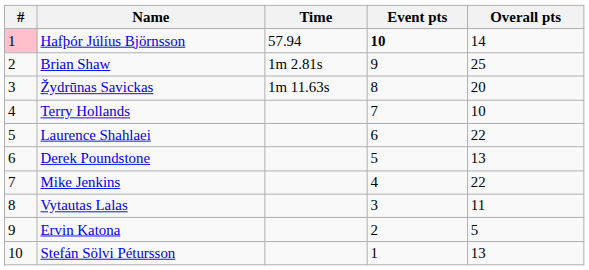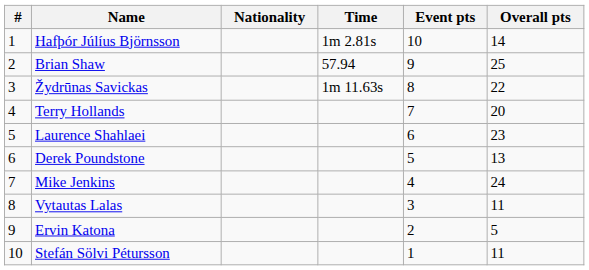 <table class="wikitable sortable" style="display: inline-table;width: 100%;">
 <tr>
 <th>#</th>
 <th>Name</th>
+<th>Nationality</th>
 <th>Time</th>
 <th>Event pts</th>
 <th>Overall pts</th>
 </tr>
 <tr>
-<td style="background: pink;">1</td>
+<td>1</td>
 <td><a href='#'>Hafþór Júlíus Björnsson</a></td>
-<td>57.94</td>
-<td><strong>10</strong></td>
+<td></td>
+<td>1m 2.81s</td>
+<td>10</td>
 <td>14</td>
 </tr>
 <tr>
 <td>2</td>
 <td><a href='#'>Brian Shaw</a></td>
-<td>1m 2.81s</td>
+<td></td>
+<td>57.94</td>
 <td>9</td>
 <td>25</td>
 </tr>
 <tr>
 <td>3</td>
 <td><a href='#'>Žydrūnas Savickas</a></td>
+<td></td>
 <td>1m 11.63s</td>
 <td>8</td>
-<td>20</td>
+<td>22</td>
 </tr>
 <tr>
 <td>4</td>
 <td><a href='#'>Terry Hollands</a></td>
 <td></td>
+<td></td>
 <td>7</td>
-<td>10</td>
+<td>20</td>
 </tr>
 <tr>
 <td>5</td>
 <td><a href='#'>Laurence Shahlaei</a></td>
 <td></td>
+<td></td>
 <td>6</td>
-<td>22</td>
+<td>23</td>
 </tr>
 <tr>
 <td>6</td>
 <td><a href='#'>Derek Poundstone</a></td>
+<td></td>
 <td></td>
 <td>5</td>
 <td>13</td>
 </tr>
 <tr>
 <td>7</td>
 <td><a href='#'>Mike Jenkins</a></td>
 <td></td>
+<td></td>
 <td>4</td>
-<td>22</td>
+<td>24</td>
 </tr>
 <tr>
 <td>8</td>
 <td><a href='#'>Vytautas Lalas</a></td>
+<td></td>
 <td></td>
 <td>3</td>
 <td>11</td>
 </tr>
 <tr>
 <td>9</td>
 <td><a href='#'>Ervin Katona</a></td>
 <td></td>
+<td></td>
 <td>2</td>
 <td>5</td>
 </tr>
 <tr>
 <td>10</td>
 <td><a href='#'>Stefán Sölvi Pétursson</a></td>
 <td></td>
+<td></td>
 <td>1</td>
-<td>13</td>
+<td>11</td>
 </tr>
 </table>
